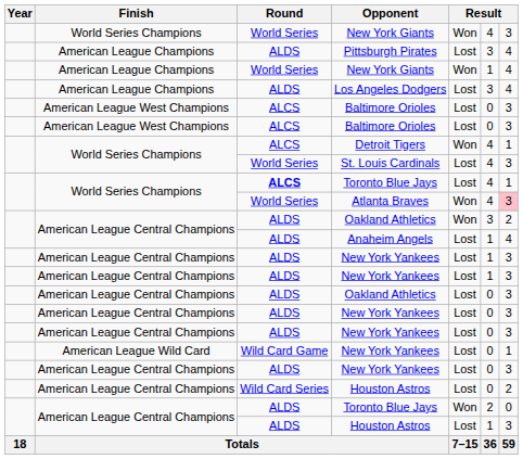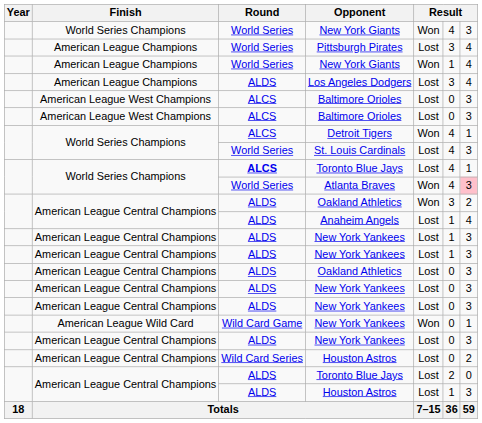 <table class="wikitable">
 <tr>
 <th colspan=1>Year</th>
 <th colspan=1>Finish</th>
 <th colspan=1>Round</th>
 <th colspan=1>Opponent</th>
 <th colspan=3>Result</th>
 </tr>
 <tr>
 <td align="center"></td>
 <td align="center">World Series Champions</td>
 <td align="center"><a href='#'>World Series</a></td>
 <td align="center"><a href='#'>New York Giants</a></td>
 <td align="center">Won</td>
 <td align="center">4</td>
 <td align="center">3</td>
 </tr>
 <tr>
 <td align="center"></td>
 <td align="center">American League Champions</td>
-<td align="center"><a href='#'>ALDS</a></td>
+<td align="center"><a href='#'>World Series</a></td>
 <td align="center"><a href='#'>Pittsburgh Pirates</a></td>
 <td align="center">Lost</td>
 <td align="center">3</td>
 <td align="center">4</td>
 </tr>
 <tr>
 <td align="center"></td>
 <td align="center">American League Champions</td>
 <td align="center"><a href='#'>World Series</a></td>
 <td align="center"><a href='#'>New York Giants</a></td>
 <td align="center">Won</td>
 <td align="center">1</td>
 <td align="center">4</td>
 </tr>
 <tr>
 <td align="center"></td>
 <td align="center">American League Champions</td>
 <td align="center"><a href='#'>ALDS</a></td>
 <td align="center"><a href='#'>Los Angeles Dodgers</a></td>
 <td align="center">Lost</td>
 <td align="center">3</td>
 <td align="center">4</td>
 </tr>
 <tr>
 <td align="center"></td>
 <td align="center">American League West Champions</td>
 <td align="center"><a href='#'>ALCS</a></td>
 <td align="center"><a href='#'>Baltimore Orioles</a></td>
 <td align="center">Lost</td>
 <td align="center">0</td>
 <td align="center">3</td>
 </tr>
 <tr>
 <td align="center"></td>
 <td align="center">American League West Champions</td>
 <td align="center"><a href='#'>ALCS</a></td>
 <td align="center"><a href='#'>Baltimore Orioles</a></td>
 <td align="center">Lost</td>
 <td align="center">0</td>
 <td align="center">3</td>
 </tr>
 <tr>
 <td align="center" rowspan="2"></td>
 <td align="center" rowspan="2">World Series Champions</td>
 <td align="center"><a href='#'>ALCS</a></td>
 <td align="center"><a href='#'>Detroit Tigers</a></td>
 <td align="center">Won</td>
 <td align="center">4</td>
 <td align="center">1</td>
 </tr>
 <tr>
 <td align="center"><a href='#'>World Series</a></td>
 <td align="center"><a href='#'>St. Louis Cardinals</a></td>
 <td align="center">Lost</td>
 <td align="center">4</td>
 <td align="center">3</td>
 </tr>
 <tr>
 <td align="center" rowspan="2"></td>
 <td align="center" rowspan="2">World Series Champions</td>
 <td align="center"><strong><a href='#'>ALCS</a></strong></td>
 <td align="center"><a href='#'>Toronto Blue Jays</a></td>
 <td align="center">Lost</td>
 <td align="center">4</td>
 <td align="center">1</td>
 </tr>
 <tr>
 <td align="center"><a href='#'>World Series</a></td>
 <td align="center"><a href='#'>Atlanta Braves</a></td>
 <td align="center">Won</td>
 <td align="center">4</td>
 <td align="center" style="background: pink;">3</td>
 </tr>
 <tr>
 <td align="center" rowspan="2"></td>
 <td align="center" rowspan="2">American League Central Champions</td>
 <td align="center"><a href='#'>ALDS</a></td>
 <td align="center"><a href='#'>Oakland Athletics</a></td>
 <td align="center">Won</td>
 <td align="center">3</td>
 <td align="center">2</td>
 </tr>
 <tr>
 <td align="center"><a href='#'>ALDS</a></td>
 <td align="center"><a href='#'>Anaheim Angels</a></td>
 <td align="center">Lost</td>
 <td align="center">1</td>
 <td align="center">4</td>
 </tr>
 <tr>
 <td align="center"></td>
 <td align="center">American League Central Champions</td>
 <td align="center"><a href='#'>ALDS</a></td>
 <td align="center"><a href='#'>New York Yankees</a></td>
 <td align="center">Lost</td>
 <td align="center">1</td>
 <td align="center">3</td>
 </tr>
 <tr>
 <td align="center"></td>
 <td align="center">American League Central Champions</td>
 <td align="center"><a href='#'>ALDS</a></td>
 <td align="center"><a href='#'>New York Yankees</a></td>
 <td align="center">Lost</td>
 <td align="center">1</td>
 <td align="center">3</td>
 </tr>
 <tr>
 <td align="center"></td>
 <td align="center">American League Central Champions</td>
 <td align="center"><a href='#'>ALDS</a></td>
 <td align="center"><a href='#'>Oakland Athletics</a></td>
 <td align="center">Lost</td>
 <td align="center">0</td>
 <td align="center">3</td>
 </tr>
 <tr>
 <td align="center"></td>
 <td align="center">American League Central Champions</td>
 <td align="center"><a href='#'>ALDS</a></td>
 <td align="center"><a href='#'>New York Yankees</a></td>
 <td align="center">Lost</td>
 <td align="center">0</td>
 <td align="center">3</td>
 </tr>
 <tr>
 <td align="center"></td>
 <td align="center">American League Central Champions</td>
 <td align="center"><a href='#'>ALDS</a></td>
 <td align="center"><a href='#'>New York Yankees</a></td>
 <td align="center">Lost</td>
 <td align="center">0</td>
 <td align="center">3</td>
 </tr>
 <tr>
 <td align="center"></td>
 <td align="center">American League Wild Card</td>
 <td align="center"><a href='#'>Wild Card Game</a></td>
 <td align="center"><a href='#'>New York Yankees</a></td>
-<td align="center">Lost</td>
+<td align="center">Won</td>
 <td align="center">0</td>
 <td align="center">1</td>
 </tr>
 <tr>
 <td align="center"></td>
 <td align="center">American League Central Champions</td>
 <td align="center"><a href='#'>ALDS</a></td>
 <td align="center"><a href='#'>New York Yankees</a></td>
 <td align="center">Lost</td>
 <td align="center">0</td>
 <td align="center">3</td>
 </tr>
 <tr>
 <td align="center"></td>
 <td align="center">American League Central Champions</td>
 <td align="center"><a href='#'>Wild Card Series</a></td>
 <td align="center"><a href='#'>Houston Astros</a></td>
 <td align="center">Lost</td>
 <td align="center">0</td>
 <td align="center">2</td>
 </tr>
 <tr>
 <td align="center" rowspan="2"></td>
 <td align="center" rowspan="2">American League Central Champions</td>
 <td align="center"><a href='#'>ALDS</a></td>
 <td align="center"><a href='#'>Toronto Blue Jays</a></td>
-<td align="center">Won</td>
+<td align="center">Lost</td>
 <td align="center">2</td>
 <td align="center">0</td>
 </tr>
 <tr>
 <td align="center"><a href='#'>ALDS</a></td>
 <td align="center"><a href='#'>Houston Astros</a></td>
 <td align="center">Lost</td>
 <td align="center">1</td>
 <td align="center">3</td>
 </tr>
 <tr>
 <th align="center">18</th>
 <th colspan="3">Totals</th>
 <th>7–15</th>
 <th>36</th>
 <th>59</th>
 </tr>
 </table>
